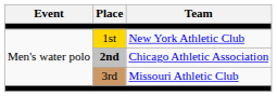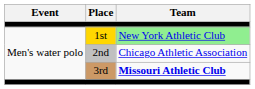 <table class=wikitable style="text-align:center">
 <tr>
 <th>Event</th>
 <th>Place</th>
 <th>Team</th>
 </tr>
 <tr bgcolor=black>
 <td colspan=3></td>
 </tr>
 <tr>
 <td rowspan=3>Men's water polo</td>
 <td bgcolor=gold>1st</td>
-<td align=left><a href='#'>New York Athletic Club</a></td>
+<td align=left style="background: lightgreen;"><a href='#'>New York Athletic Club</a></td>
 </tr>
 <tr>
-<td bgcolor=silver><strong>2nd</strong></td>
+<td bgcolor=silver>2nd</td>
 <td align=left><a href='#'>Chicago Athletic Association</a></td>
 </tr>
 <tr>
 <td bgcolor=cc9966>3rd</td>
-<td align=left><a href='#'>Missouri Athletic Club</a></td>
+<td align=left><strong><a href='#'>Missouri Athletic Club</a></strong></td>
 </tr>
 <tr bgcolor=black>
 <td colspan=8></td>
 </tr>
 </table>
